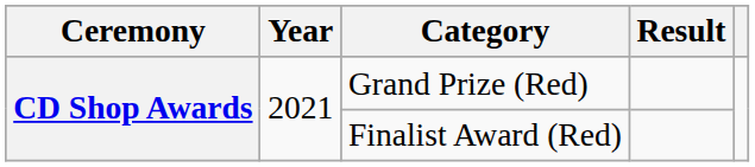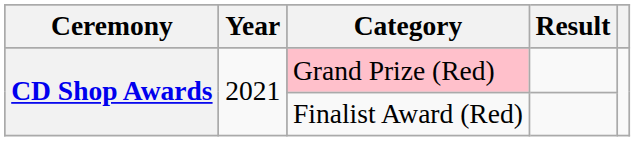 <table class="wikitable plainrowheaders">
 <tr>
 <th scope="col">Ceremony</th>
 <th scope="col">Year</th>
 <th scope="col">Category</th>
 <th scope="col">Result</th>
 <th scope="col" class="unsortable"></th>
 </tr>
 <tr>
 <th scope="row" rowspan="2"><a href='#'>CD Shop Awards</a></th>
 <td style="text-align:center" rowspan="2">2021</td>
-<td>Grand Prize (Red)</td>
+<td style="background: pink;">Grand Prize (Red)</td>
 <td></td>
 <td style="text-align:center" rowspan="2"></td>
 </tr>
 <tr>
 <td>Finalist Award (Red)</td>
 <td></td>
 </tr>
 </table>
